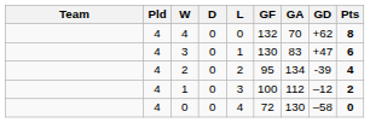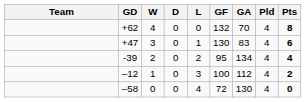 <table class="wikitable" style="text-align: center;">
 <tr>
 <th width="180">Team</th>
-<th width="30">Pld</th>
+<th width="30">GD</th>
 <th width="30">W</th>
 <th width="30">D</th>
 <th width="30">L</th>
 <th width="30">GF</th>
 <th width="30">GA</th>
-<th width="30">GD</th>
+<th width="30">Pld</th>
 <th width="30">Pts</th>
 </tr>
 <tr>
 <td align="left"></td>
-<td>4</td>
+<td>+62</td>
 <td>4</td>
 <td>0</td>
 <td>0</td>
 <td>132</td>
 <td>70</td>
-<td>+62</td>
+<td>4</td>
 <td><strong>8</strong></td>
 </tr>
 <tr>
 <td align="left"></td>
-<td>4</td>
+<td>+47</td>
 <td>3</td>
 <td>0</td>
 <td>1</td>
 <td>130</td>
 <td>83</td>
-<td>+47</td>
+<td>4</td>
 <td><strong>6</strong></td>
 </tr>
 <tr>
 <td align="left"></td>
-<td>4</td>
+<td>-39</td>
 <td>2</td>
 <td>0</td>
 <td>2</td>
 <td>95</td>
 <td>134</td>
-<td>-39</td>
+<td>4</td>
 <td><strong>4</strong></td>
 </tr>
 <tr>
 <td align="left"></td>
-<td>4</td>
+<td>–12</td>
 <td>1</td>
 <td>0</td>
 <td>3</td>
 <td>100</td>
 <td>112</td>
-<td>–12</td>
+<td>4</td>
 <td><strong>2</strong></td>
 </tr>
 <tr>
 <td align="left"></td>
-<td>4</td>
+<td>–58</td>
 <td>0</td>
 <td>0</td>
 <td>4</td>
 <td>72</td>
 <td>130</td>
-<td>–58</td>
+<td>4</td>
 <td><strong>0</strong></td>
 </tr>
 </table>
